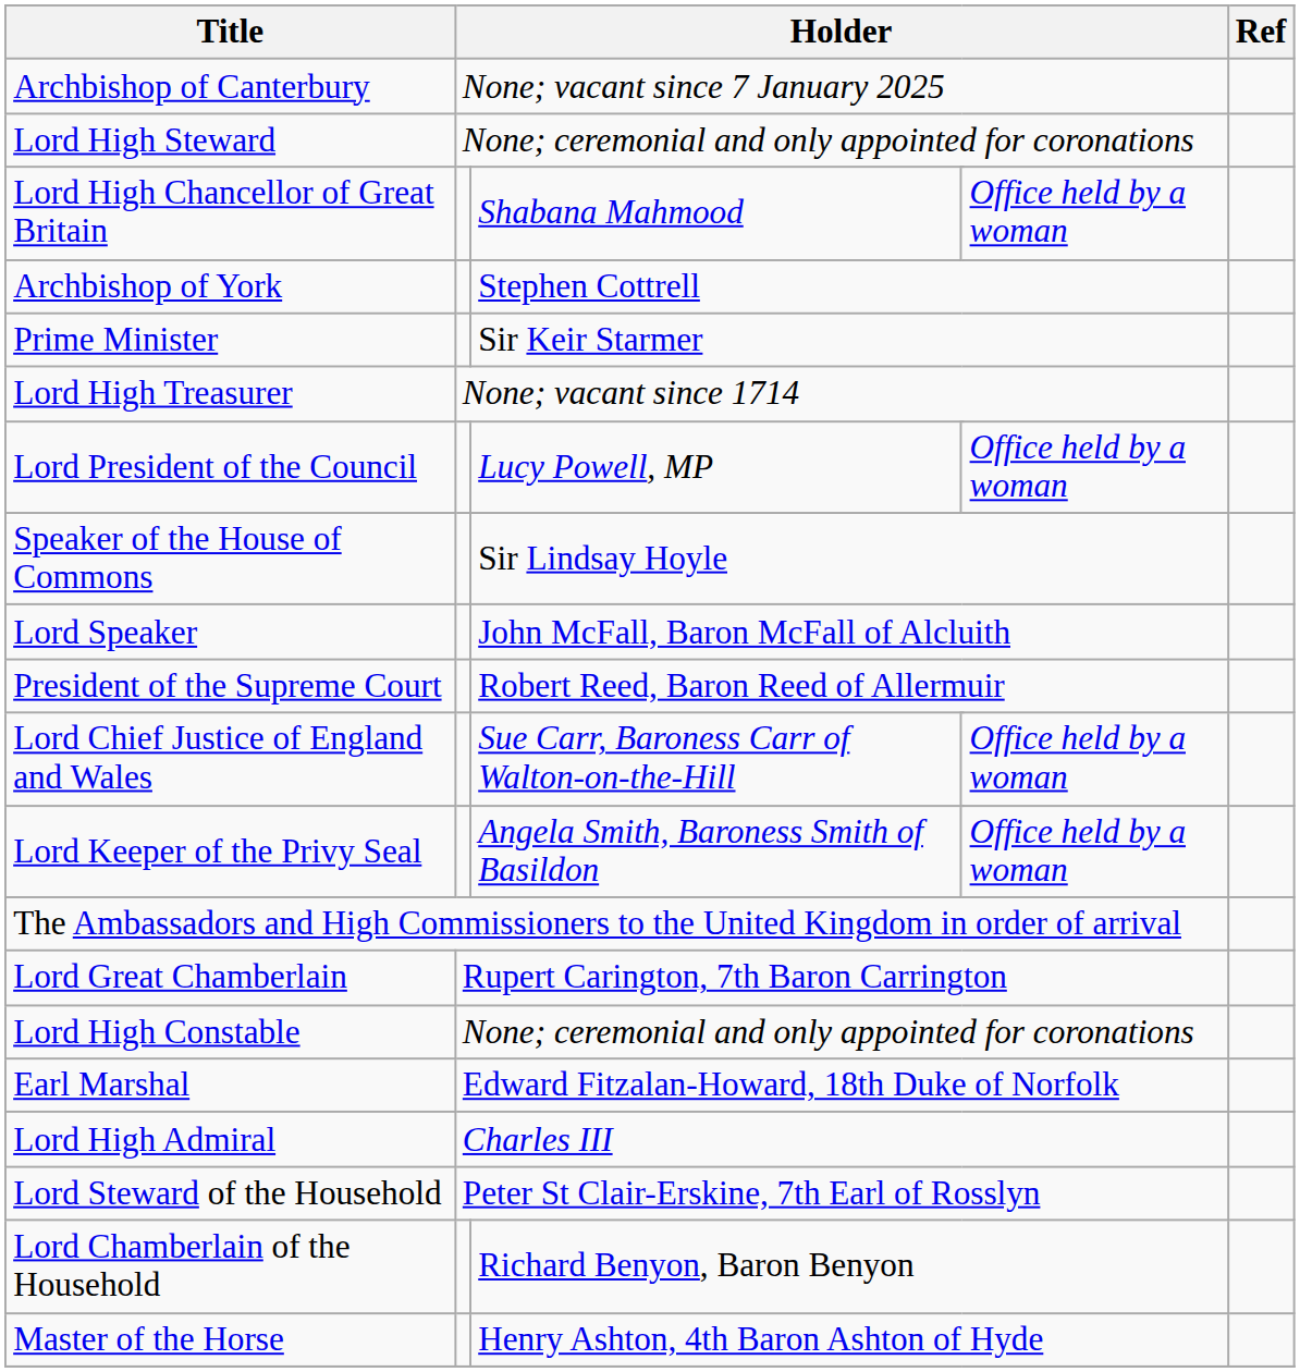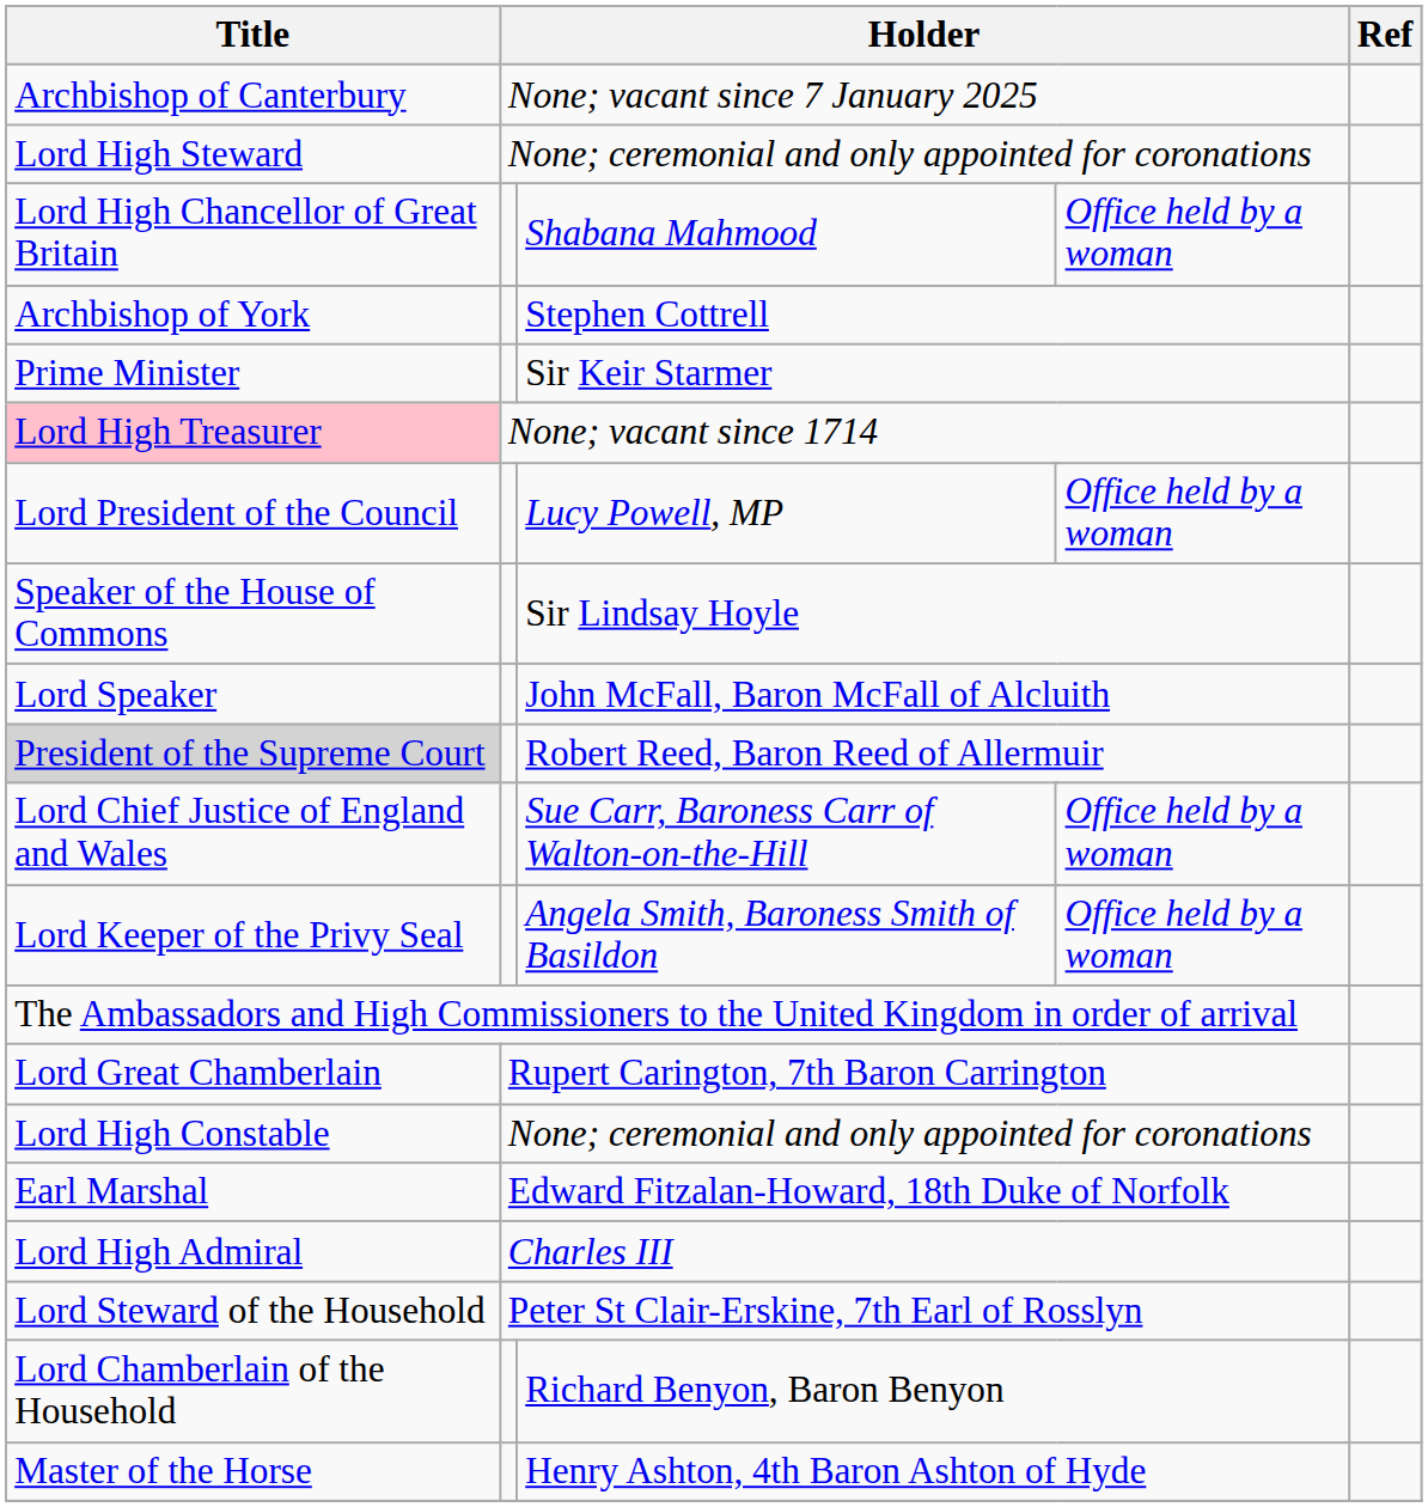 <table class="wikitable">
 <tr>
 <th>Title</th>
 <th colspan=4>Holder</th>
 <th>Ref</th>
 </tr>
 <tr>
 <td><a href='#'>Archbishop of Canterbury</a></td>
 <td colspan=4><em>None; vacant since 7 January 2025</em></td>
 <td></td>
 </tr>
 <tr>
 <td><a href='#'>Lord High Steward</a></td>
 <td colspan=4><em>None; ceremonial and only appointed for coronations</em></td>
 <td></td>
 </tr>
 <tr>
 <td><a href='#'>Lord High Chancellor of Great Britain</a></td>
 <td style="background: "></td>
 <td colspan=2><em> <a href='#'>Shabana Mahmood</a></em></td>
 <td><em><a href='#'>Office held by a woman</a></em></td>
 <td></td>
 </tr>
 <tr>
 <td><a href='#'>Archbishop of York</a></td>
 <td style="background: "></td>
 <td colspan=3><a href='#'>Stephen Cottrell</a></td>
 <td></td>
 </tr>
 <tr>
 <td><a href='#'>Prime Minister</a></td>
 <td style="background: "></td>
 <td colspan=3>Sir <a href='#'>Keir Starmer</a></td>
 <td></td>
 </tr>
 <tr>
-<td><a href='#'>Lord High Treasurer</a></td>
+<td style="background: pink;"><a href='#'>Lord High Treasurer</a></td>
 <td colspan=4><em>None; vacant since 1714</em></td>
 <td></td>
 </tr>
 <tr>
 <td><a href='#'>Lord President of the Council</a></td>
 <td style="background: "></td>
 <td colspan=2><em> <a href='#'>Lucy Powell</a>, MP</em></td>
 <td><em><a href='#'>Office held by a woman</a></em></td>
 <td></td>
 </tr>
 <tr>
 <td><a href='#'>Speaker of the House of Commons</a></td>
 <td style="background: "></td>
 <td colspan=3>Sir <a href='#'>Lindsay Hoyle</a></td>
 <td></td>
 </tr>
 <tr>
 <td><a href='#'>Lord Speaker</a></td>
 <td style="background: "></td>
 <td colspan=3><a href='#'>John McFall, Baron McFall of Alcluith</a></td>
 <td></td>
 </tr>
 <tr>
-<td><a href='#'>President of the Supreme Court</a></td>
+<td style="background: lightgrey;"><a href='#'>President of the Supreme Court</a></td>
 <td style="background: "></td>
 <td colspan=3><a href='#'>Robert Reed, Baron Reed of Allermuir</a></td>
 <td></td>
 </tr>
 <tr>
 <td><a href='#'>Lord Chief Justice of England and Wales</a></td>
 <td style="background: "></td>
 <td colspan=2><em> <a href='#'>Sue Carr, Baroness Carr of Walton-on-the-Hill</a></em></td>
 <td><em><a href='#'>Office held by a woman</a></em></td>
 <td></td>
 </tr>
 <tr>
 <td><a href='#'>Lord Keeper of the Privy Seal</a></td>
 <td style="background: "></td>
 <td colspan=2><em> <a href='#'>Angela Smith, Baroness Smith of Basildon</a></em></td>
 <td><em><a href='#'>Office held by a woman</a></em></td>
 <td></td>
 </tr>
 <tr>
 <td colspan=5>The <a href='#'>Ambassadors and High Commissioners to the United Kingdom in order of arrival</a></td>
 <td></td>
 </tr>
 <tr>
 <td><a href='#'>Lord Great Chamberlain</a></td>
 <td colspan=4><a href='#'>Rupert Carington, 7th Baron Carrington</a></td>
 <td></td>
 </tr>
 <tr>
 <td><a href='#'>Lord High Constable</a></td>
 <td colspan=4><em>None; ceremonial and only appointed for coronations</em></td>
 <td></td>
 </tr>
 <tr>
 <td><a href='#'>Earl Marshal</a></td>
 <td colspan=4><a href='#'>Edward Fitzalan-Howard, 18th Duke of Norfolk</a></td>
 <td></td>
 </tr>
 <tr>
 <td><a href='#'>Lord High Admiral</a></td>
 <td colspan=4><em><a href='#'>Charles III</a></em></td>
 <td></td>
 </tr>
 <tr>
 <td><a href='#'>Lord Steward</a> of the Household</td>
 <td colspan=4><a href='#'>Peter St Clair-Erskine, 7th Earl of Rosslyn</a></td>
 <td></td>
 </tr>
 <tr>
 <td><a href='#'>Lord Chamberlain</a> of the Household</td>
 <td style="background: "></td>
 <td colspan=3><a href='#'>Richard Benyon</a>, Baron Benyon</td>
 <td></td>
 </tr>
 <tr>
 <td><a href='#'>Master of the Horse</a></td>
 <td style="background: "></td>
 <td colspan=3><a href='#'>Henry Ashton, 4th Baron Ashton of Hyde</a></td>
 <td></td>
 </tr>
 <tr>
 </tr>
 </table>
